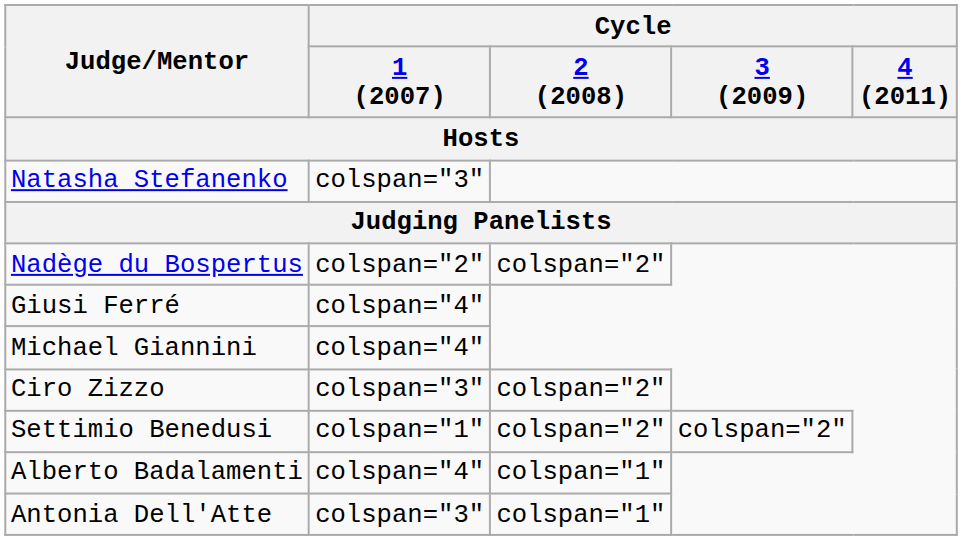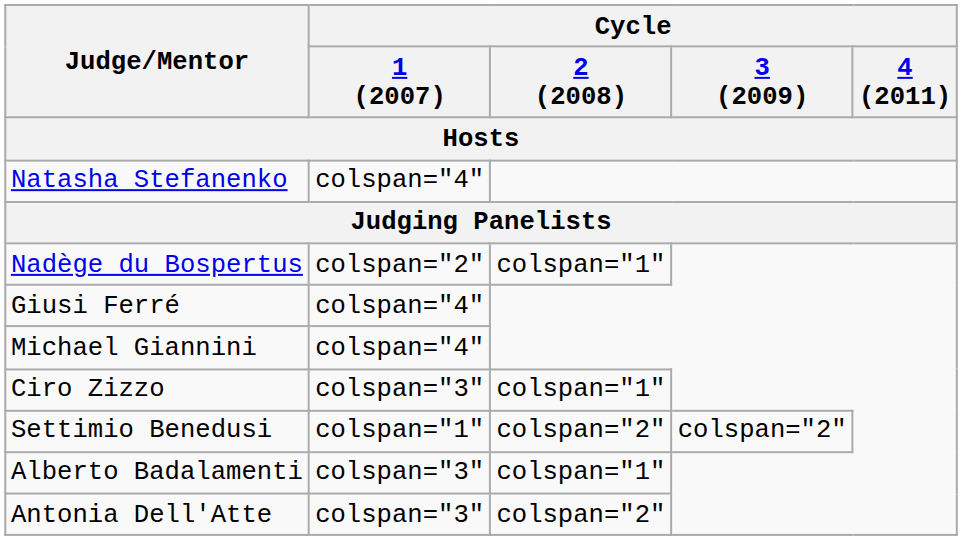 <table class="wikitable" style="margin:1em auto 1em auto;">
 <tr>
 <th rowspan="2">Judge/Mentor</th>
 <th colspan="4">Cycle</th>
 </tr>
 <tr>
 <th><a href='#'>1</a><br> (2007)</th>
 <th><a href='#'>2</a><br> (2008)</th>
 <th><a href='#'>3</a><br> (2009)</th>
 <th><a href='#'>4</a><br> (2011)</th>
 </tr>
 <tr>
 <th scope="col" colspan="5">Hosts</th>
 </tr>
 <tr>
 <td scope="row"><a href='#'>Natasha Stefanenko</a></td>
-<td>colspan="3" </td>
+<td>colspan="4" </td>
 </tr>
 <tr>
 <th scope="col" colspan="5">Judging Panelists</th>
 </tr>
 <tr>
 <td scope="row"><a href='#'>Nadège du Bospertus</a></td>
 <td>colspan="2" </td>
-<td>colspan="2" </td>
+<td>colspan="1" </td>
 </tr>
 <tr>
 <td scope="row">Giusi Ferré</td>
 <td>colspan="4" </td>
 </tr>
 <tr>
 <td scope="row">Michael Giannini</td>
 <td>colspan="4" </td>
 </tr>
 <tr>
 <td scope="row">Ciro Zizzo</td>
 <td>colspan="3" </td>
-<td>colspan="2" </td>
+<td>colspan="1" </td>
 </tr>
 <tr>
 <td scope="row">Settimio Benedusi</td>
 <td>colspan="1" </td>
 <td>colspan="2" </td>
 <td>colspan="2" </td>
 </tr>
 <tr>
 <td scope="row">Alberto Badalamenti</td>
-<td>colspan="4" </td>
+<td>colspan="3" </td>
 <td>colspan="1" </td>
 </tr>
 <tr>
 <td scope="row">Antonia Dell'Atte</td>
 <td>colspan="3" </td>
-<td>colspan="1" </td>
+<td>colspan="2" </td>
 </tr>
 </table>
